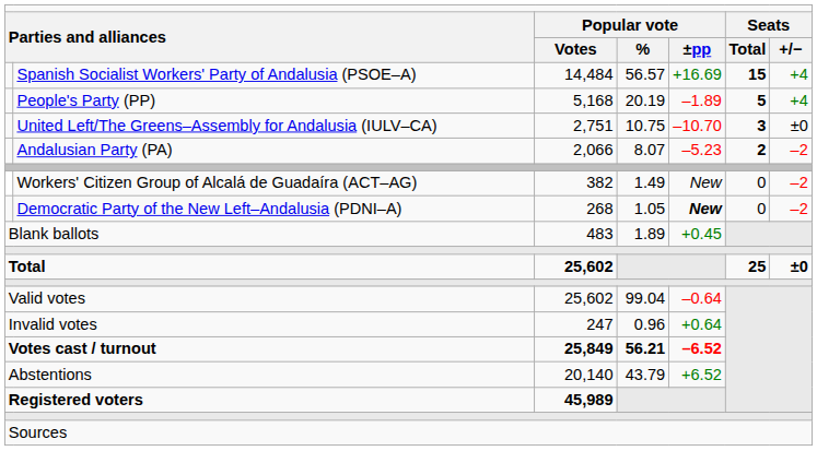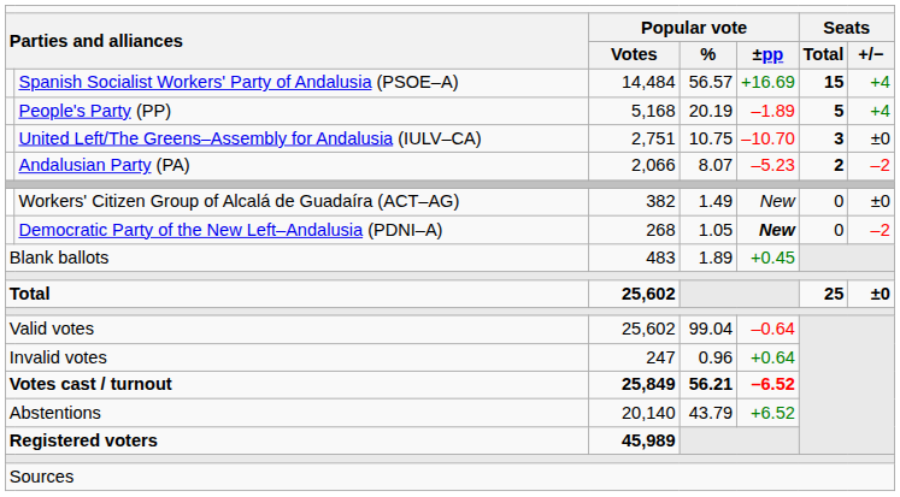 <table class="wikitable" style="text-align:right;">
 <tr>
 <td colspan="7"></td>
 </tr>
 <tr>
 <th style="text-align:left;" rowspan="2" colspan="2" width="525">Parties and alliances</th>
 <th colspan="3">Popular vote</th>
 <th colspan="2">Seats</th>
 </tr>
 <tr>
 <th width="75">Votes</th>
 <th width="45">%</th>
 <th width="45">±<a href='#'>pp</a></th>
 <th width="35">Total</th>
 <th width="35">+/−</th>
 </tr>
 <tr>
 <td width="1" style="color:inherit;background:"></td>
 <td align="left"><a href='#'>Spanish Socialist Workers' Party of Andalusia</a> (PSOE–A)</td>
 <td>14,484</td>
 <td>56.57</td>
 <td style="color:green;">+16.69</td>
 <td><strong>15</strong></td>
 <td style="color:green;">+4</td>
 </tr>
 <tr>
 <td style="color:inherit;background:"></td>
 <td align="left"><a href='#'>People's Party</a> (PP)</td>
 <td>5,168</td>
 <td>20.19</td>
 <td style="color:red;">–1.89</td>
 <td><strong>5</strong></td>
 <td style="color:green;">+4</td>
 </tr>
 <tr>
 <td style="color:inherit;background:"></td>
 <td align="left"><a href='#'>United Left/The Greens–Assembly for Andalusia</a> (IULV–CA)</td>
 <td>2,751</td>
 <td>10.75</td>
 <td style="color:red;">–10.70</td>
 <td><strong>3</strong></td>
 <td>±0</td>
 </tr>
 <tr>
 <td style="color:inherit;background:"></td>
 <td align="left"><a href='#'>Andalusian Party</a> (PA)</td>
 <td>2,066</td>
 <td>8.07</td>
 <td style="color:red;">–5.23</td>
 <td><strong>2</strong></td>
 <td style="color:red;">–2</td>
 </tr>
 <tr>
 <td colspan="7" bgcolor="#C0C0C0"></td>
 </tr>
 <tr>
 <td bgcolor="white"></td>
 <td align="left">Workers' Citizen Group of Alcalá de Guadaíra (ACT–AG)</td>
 <td>382</td>
 <td>1.49</td>
 <td><em>New</em></td>
 <td>0</td>
-<td style="color:red;">–2</td>
+<td>±0</td>
 </tr>
 <tr>
 <td style="color:inherit;background:"></td>
 <td align="left"><a href='#'>Democratic Party of the New Left–Andalusia</a> (PDNI–A)</td>
 <td>268</td>
 <td>1.05</td>
 <td><strong><em>New</em></strong></td>
 <td>0</td>
 <td style="color:red;">–2</td>
 </tr>
 <tr>
 <td align="left" colspan="2">Blank ballots</td>
 <td>483</td>
 <td>1.89</td>
 <td style="color:green;">+0.45</td>
 <td bgcolor="#E9E9E9" colspan="2"></td>
 </tr>
 <tr>
 <td colspan="7" bgcolor="#E9E9E9"></td>
 </tr>
 <tr style="font-weight:bold;">
 <td align="left" colspan="2">Total</td>
 <td>25,602</td>
 <td bgcolor="#E9E9E9" colspan="2"></td>
 <td>25</td>
 <td>±0</td>
 </tr>
 <tr>
 <td colspan="7" bgcolor="#E9E9E9"></td>
 </tr>
 <tr>
 <td align="left" colspan="2">Valid votes</td>
 <td>25,602</td>
 <td>99.04</td>
 <td style="color:red;">–0.64</td>
 <td bgcolor="#E9E9E9" colspan="2" rowspan="5"></td>
 </tr>
 <tr>
 <td align="left" colspan="2">Invalid votes</td>
 <td>247</td>
 <td>0.96</td>
 <td style="color:green;">+0.64</td>
 </tr>
 <tr style="font-weight:bold;">
 <td align="left" colspan="2">Votes cast / turnout</td>
 <td>25,849</td>
 <td>56.21</td>
 <td style="color:red;">–6.52</td>
 </tr>
 <tr>
 <td align="left" colspan="2">Abstentions</td>
 <td>20,140</td>
 <td>43.79</td>
 <td style="color:green;">+6.52</td>
 </tr>
 <tr style="font-weight:bold;">
 <td align="left" colspan="2">Registered voters</td>
 <td>45,989</td>
 <td bgcolor="#E9E9E9" colspan="2"></td>
 </tr>
 <tr>
 <td colspan="7" bgcolor="#E9E9E9"></td>
 </tr>
 <tr>
 <td align="left" colspan="7">Sources</td>
 </tr>
 </table>
